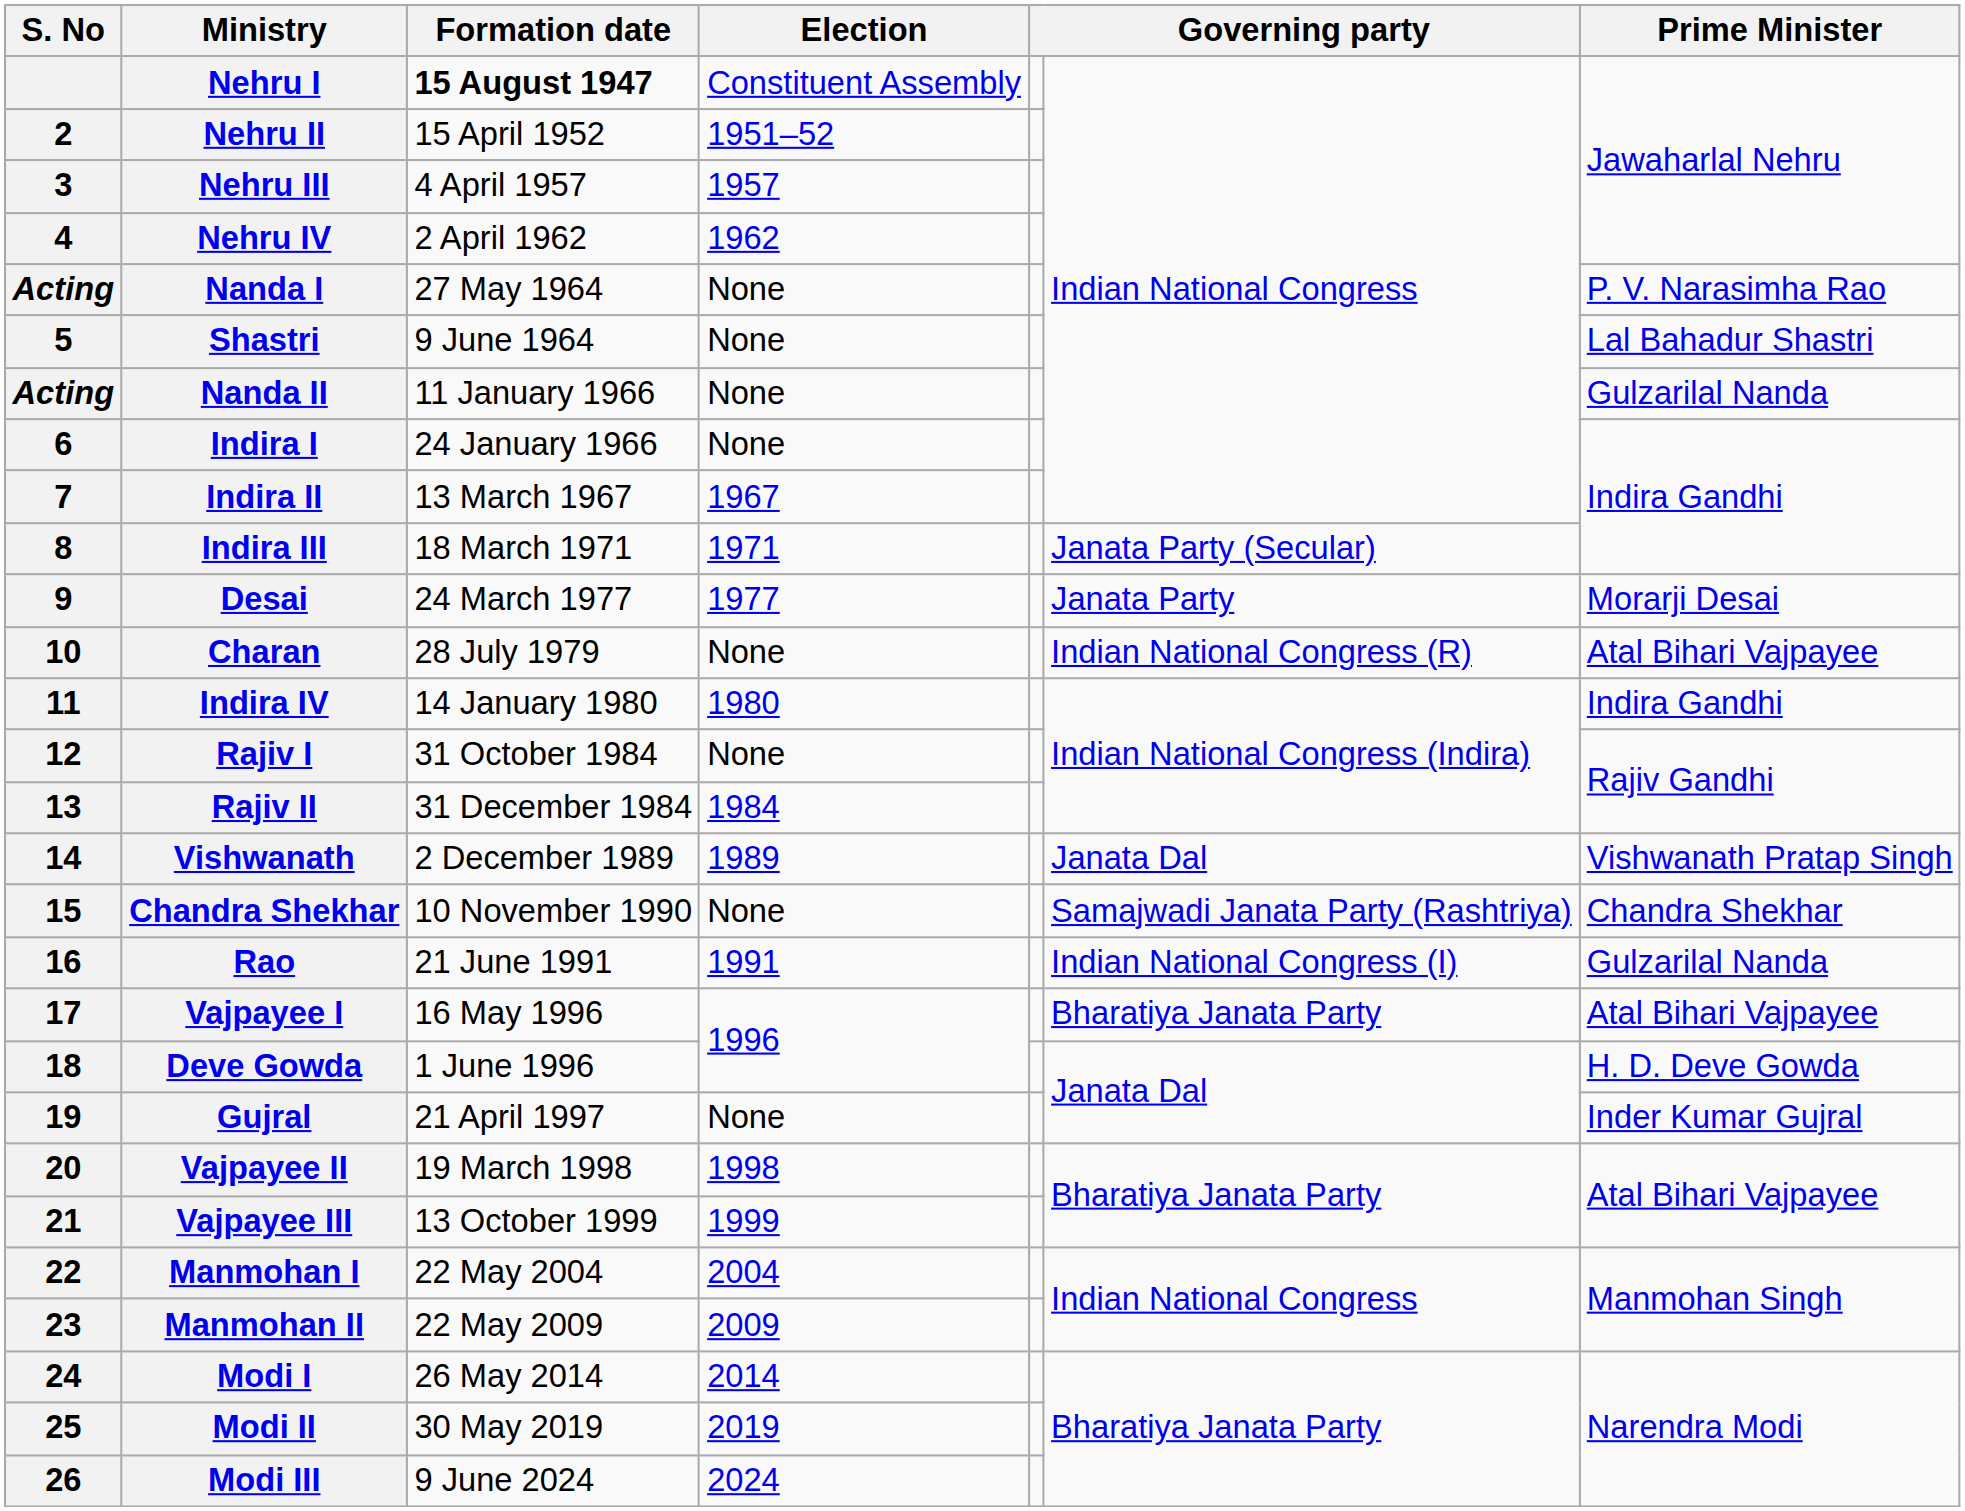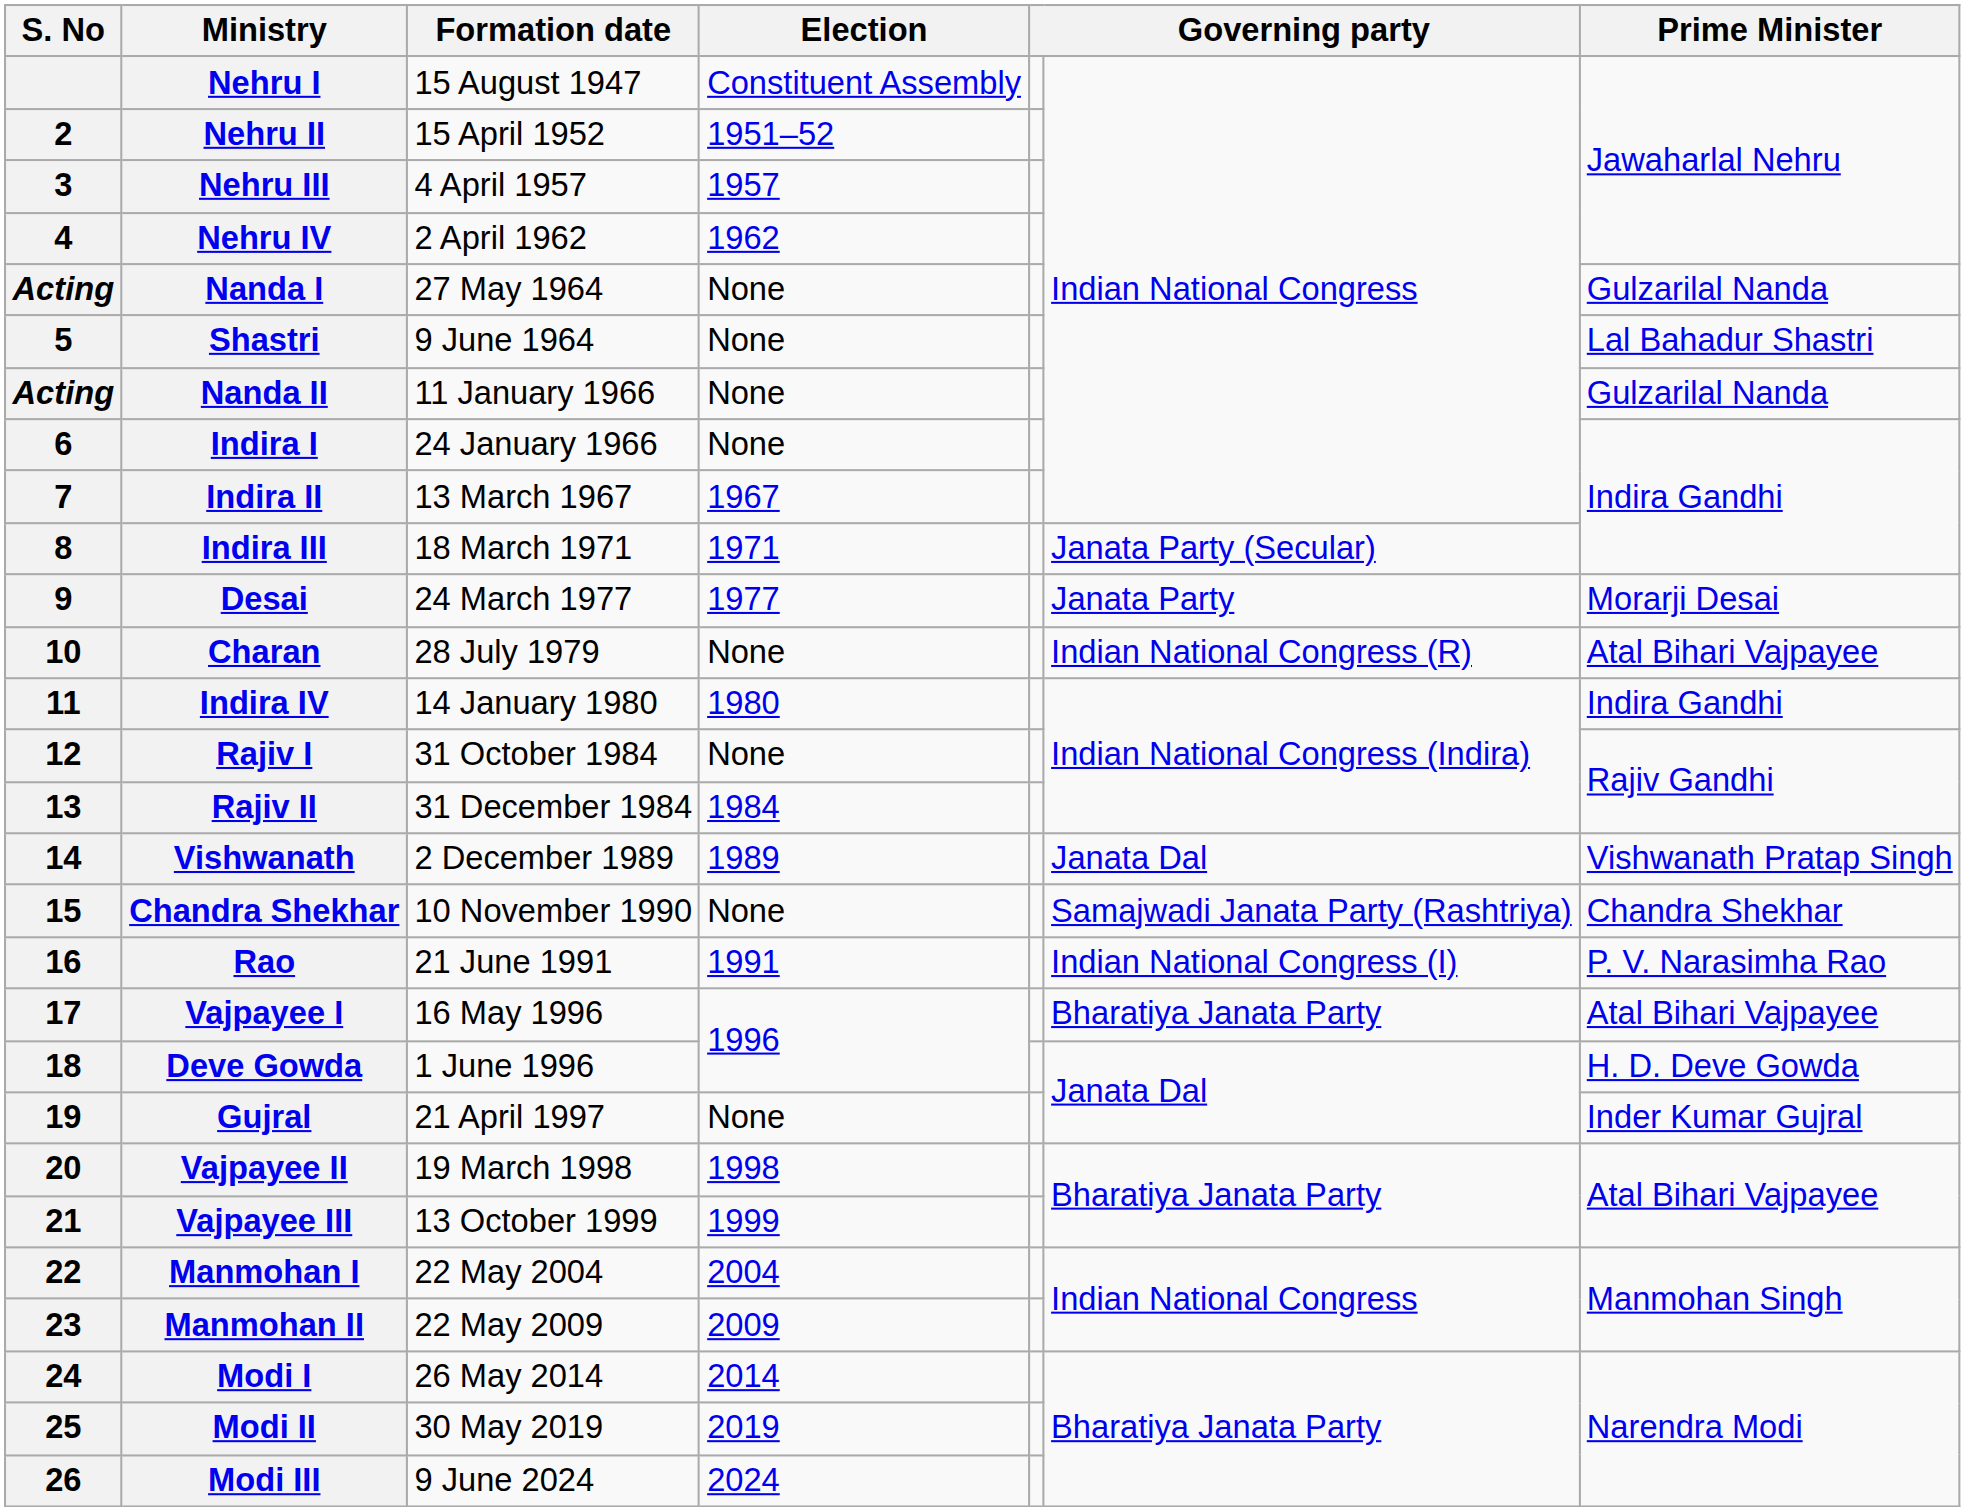 <table class="wikitable plainrowheaders sortable">
 <tr>
 <th>S. No</th>
 <th scope="col">Ministry</th>
 <th scope="col">Formation date</th>
 <th scope="col">Election</th>
 <th colspan="2" scope="col">Governing party</th>
 <th scope="col">Prime Minister<br></th>
 </tr>
 <tr>
 <th></th>
 <th scope="row"><a href='#'>Nehru I</a></th>
-<td><strong>15 August 1947</strong></td>
+<td>15 August 1947</td>
 <td><a href='#'>Constituent Assembly</a></td>
 <td></td>
 <td rowspan="9"><a href='#'>Indian National Congress</a></td>
 <td rowspan="4"><a href='#'>Jawaharlal Nehru</a></td>
 </tr>
 <tr>
 <th>2</th>
 <th scope="row"><a href='#'>Nehru II</a></th>
 <td>15 April 1952</td>
 <td><a href='#'>1951–52</a></td>
 <td></td>
 </tr>
 <tr>
 <th>3</th>
 <th scope="row"><a href='#'>Nehru III</a></th>
 <td>4 April 1957</td>
 <td><a href='#'>1957</a></td>
 <td></td>
 </tr>
 <tr>
 <th>4</th>
 <th scope="row"><a href='#'>Nehru IV</a></th>
 <td>2 April 1962</td>
 <td><a href='#'>1962</a></td>
 <td></td>
 </tr>
 <tr>
 <th><em>Acting</em></th>
 <th scope="row"><a href='#'>Nanda I</a></th>
 <td>27 May 1964</td>
 <td>None</td>
 <td></td>
-<td><a href='#'>P. V. Narasimha Rao</a></td>
+<td><a href='#'>Gulzarilal Nanda</a></td>
 </tr>
 <tr>
 <th>5</th>
 <th scope="row"><a href='#'>Shastri</a></th>
 <td>9 June 1964</td>
 <td>None</td>
 <td></td>
 <td><a href='#'>Lal Bahadur Shastri</a></td>
 </tr>
 <tr>
 <th><em>Acting</em></th>
 <th scope="row"><a href='#'>Nanda II</a></th>
 <td>11 January 1966</td>
 <td>None</td>
 <td></td>
 <td><a href='#'>Gulzarilal Nanda</a></td>
 </tr>
 <tr>
 <th>6</th>
 <th scope="row"><a href='#'>Indira I</a></th>
 <td>24 January 1966</td>
 <td>None</td>
 <td></td>
 <td rowspan="3"><a href='#'>Indira Gandhi</a></td>
 </tr>
 <tr>
 <th>7</th>
 <th scope="row"><a href='#'>Indira II</a></th>
 <td>13 March 1967</td>
 <td><a href='#'>1967</a></td>
 <td></td>
 </tr>
 <tr>
 <th>8</th>
 <th scope="row"><a href='#'>Indira III</a></th>
 <td>18 March 1971</td>
 <td><a href='#'>1971</a></td>
 <td></td>
 <td><a href='#'>Janata Party (Secular)</a></td>
 </tr>
 <tr>
 <th>9</th>
 <th scope="row"><a href='#'>Desai</a></th>
 <td>24 March 1977</td>
 <td><a href='#'>1977</a></td>
 <td></td>
 <td><a href='#'>Janata Party</a></td>
 <td><a href='#'>Morarji Desai</a></td>
 </tr>
 <tr>
 <th>10</th>
 <th scope="row"><a href='#'>Charan</a></th>
 <td>28 July 1979</td>
 <td>None</td>
 <td></td>
 <td><a href='#'>Indian National Congress (R)</a></td>
 <td><a href='#'>Atal Bihari Vajpayee</a></td>
 </tr>
 <tr>
 <th>11</th>
 <th scope="row"><a href='#'>Indira IV</a></th>
 <td>14 January 1980</td>
 <td><a href='#'>1980</a></td>
 <td></td>
 <td rowspan="3"><a href='#'>Indian National Congress (Indira)</a></td>
 <td><a href='#'>Indira Gandhi</a></td>
 </tr>
 <tr>
 <th>12</th>
 <th scope="row"><a href='#'>Rajiv I</a></th>
 <td>31 October 1984</td>
 <td>None</td>
 <td></td>
 <td rowspan="2"><a href='#'>Rajiv Gandhi</a></td>
 </tr>
 <tr>
 <th>13</th>
 <th scope="row"><a href='#'>Rajiv II</a></th>
 <td>31 December 1984</td>
 <td><a href='#'>1984</a></td>
 <td></td>
 </tr>
 <tr>
 <th>14</th>
 <th scope="row"><a href='#'>Vishwanath</a></th>
 <td>2 December 1989</td>
 <td><a href='#'>1989</a></td>
 <td></td>
 <td><a href='#'>Janata Dal</a></td>
 <td><a href='#'>Vishwanath Pratap Singh</a></td>
 </tr>
 <tr>
 <th>15</th>
 <th scope="row"><a href='#'>Chandra Shekhar</a></th>
 <td>10 November 1990</td>
 <td>None</td>
 <td></td>
 <td><a href='#'>Samajwadi Janata Party (Rashtriya)</a></td>
 <td><a href='#'>Chandra Shekhar</a></td>
 </tr>
 <tr>
 <th>16</th>
 <th scope="row"><a href='#'>Rao</a></th>
 <td>21 June 1991</td>
 <td><a href='#'>1991</a></td>
 <td></td>
 <td><a href='#'>Indian National Congress (I)</a></td>
-<td><a href='#'>Gulzarilal Nanda</a></td>
+<td><a href='#'>P. V. Narasimha Rao</a></td>
 </tr>
 <tr>
 <th>17</th>
 <th scope="row"><a href='#'>Vajpayee I</a></th>
 <td>16 May 1996</td>
 <td rowspan="2"><a href='#'>1996</a></td>
 <td></td>
 <td><a href='#'>Bharatiya Janata Party</a></td>
 <td><a href='#'>Atal Bihari Vajpayee</a></td>
 </tr>
 <tr>
 <th>18</th>
 <th scope="row"><a href='#'>Deve Gowda</a></th>
 <td>1 June 1996</td>
 <td></td>
 <td rowspan="2"><a href='#'>Janata Dal</a></td>
 <td><a href='#'>H. D. Deve Gowda</a></td>
 </tr>
 <tr>
 <th>19</th>
 <th scope="row"><a href='#'>Gujral</a></th>
 <td>21 April 1997</td>
 <td>None</td>
 <td></td>
 <td><a href='#'>Inder Kumar Gujral</a></td>
 </tr>
 <tr>
 <th>20</th>
 <th scope="row"><a href='#'>Vajpayee II</a></th>
 <td>19 March 1998</td>
 <td><a href='#'>1998</a></td>
 <td></td>
 <td rowspan="2"><a href='#'>Bharatiya Janata Party</a></td>
 <td rowspan="2"><a href='#'>Atal Bihari Vajpayee</a></td>
 </tr>
 <tr>
 <th>21</th>
 <th scope="row"><a href='#'>Vajpayee III</a></th>
 <td>13 October 1999</td>
 <td><a href='#'>1999</a></td>
 <td></td>
 </tr>
 <tr>
 <th>22</th>
 <th scope="row"><a href='#'>Manmohan I</a></th>
 <td>22 May 2004</td>
 <td><a href='#'>2004</a></td>
 <td></td>
 <td rowspan="2"><a href='#'>Indian National Congress</a></td>
 <td rowspan="2"><a href='#'>Manmohan Singh</a></td>
 </tr>
 <tr>
 <th>23</th>
 <th scope="row"><a href='#'>Manmohan II</a></th>
 <td>22 May 2009</td>
 <td><a href='#'>2009</a></td>
 <td></td>
 </tr>
 <tr>
 <th>24</th>
 <th scope="row"><a href='#'>Modi I</a></th>
 <td>26 May 2014</td>
 <td><a href='#'>2014</a></td>
 <td></td>
 <td rowspan="3"><a href='#'>Bharatiya Janata Party</a></td>
 <td rowspan="3"><a href='#'>Narendra Modi</a></td>
 </tr>
 <tr>
 <th>25</th>
 <th scope="row"><a href='#'>Modi II</a></th>
 <td>30 May 2019</td>
 <td><a href='#'>2019</a></td>
 <td></td>
 </tr>
 <tr>
 <th>26</th>
 <th scope="row"><a href='#'>Modi III</a></th>
 <td>9 June 2024</td>
 <td><a href='#'>2024</a></td>
 <td></td>
 </tr>
 </table>
